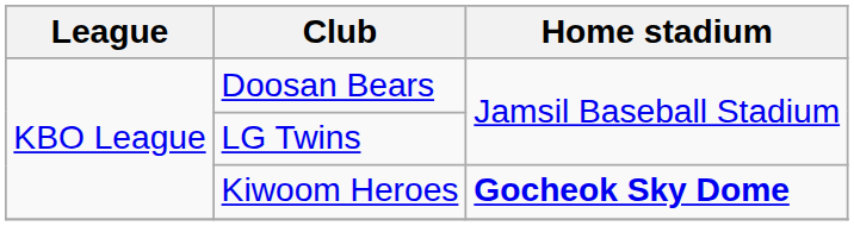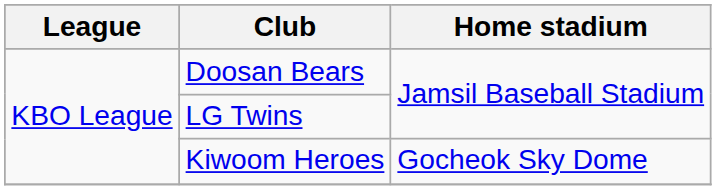 <table class="wikitable">
 <tr>
 <th>League</th>
 <th>Club</th>
 <th>Home stadium</th>
 </tr>
 <tr>
 <td rowspan="3"><a href='#'>KBO League</a></td>
 <td><a href='#'>Doosan Bears</a></td>
 <td rowspan="2"><a href='#'>Jamsil Baseball Stadium</a></td>
 </tr>
 <tr>
 <td><a href='#'>LG Twins</a></td>
 </tr>
 <tr>
 <td><a href='#'>Kiwoom Heroes</a></td>
-<td><strong><a href='#'>Gocheok Sky Dome</a></strong></td>
+<td><a href='#'>Gocheok Sky Dome</a></td>
 </tr>
 <tr>
 </tr>
 </table>
